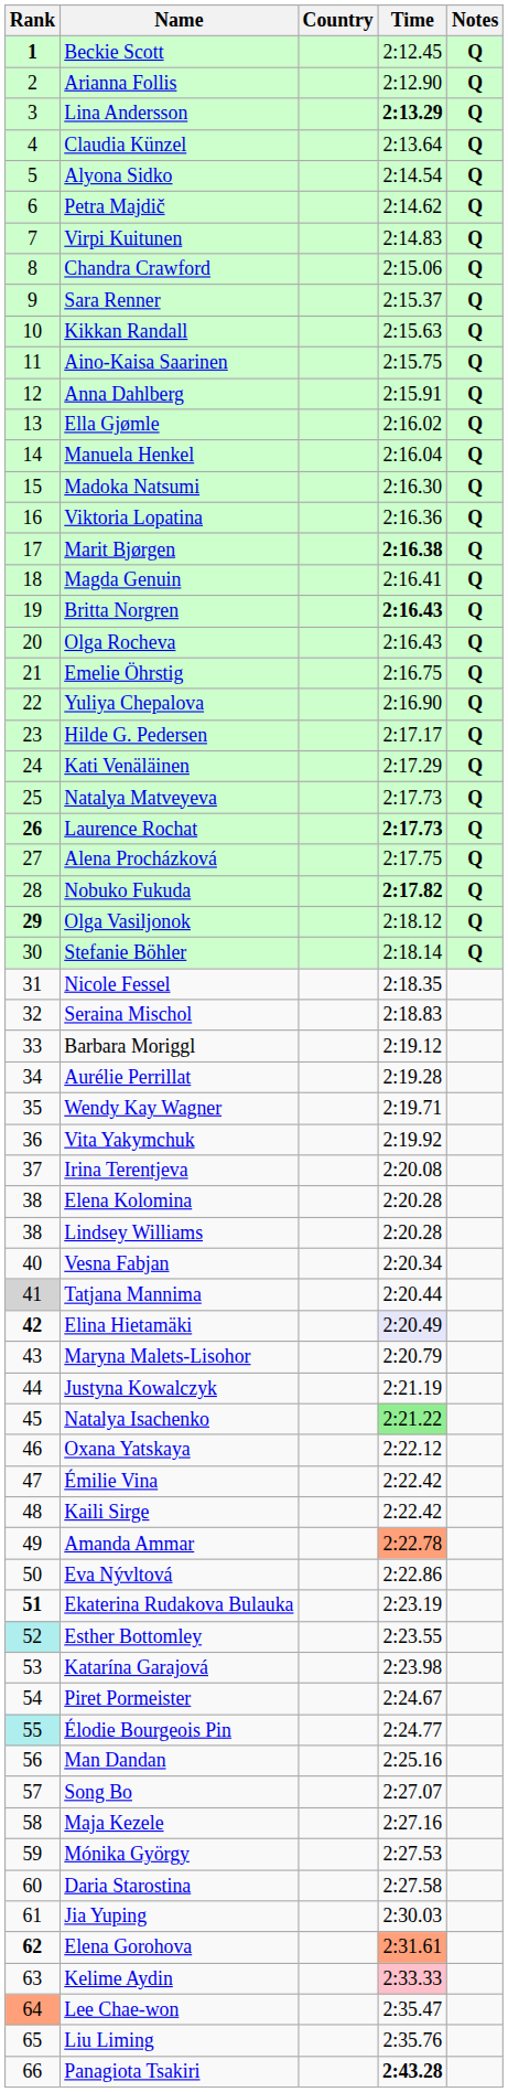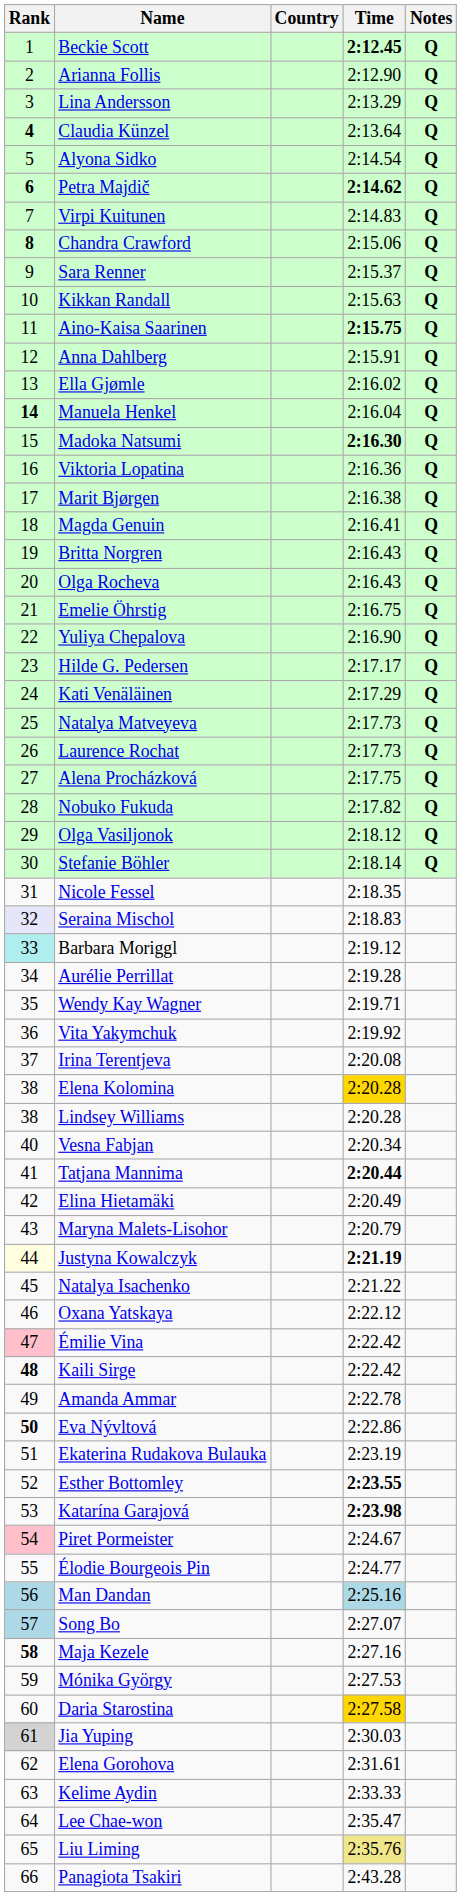 <table class="wikitable sortable" style="text-align:center">
 <tr>
 <th>Rank</th>
 <th>Name</th>
 <th>Country</th>
 <th>Time</th>
 <th>Notes</th>
 </tr>
 <tr bgcolor="#ccffcc">
-<td><strong>1</strong></td>
+<td>1</td>
 <td align="left"><a href='#'>Beckie Scott</a></td>
 <td align="left"></td>
-<td>2:12.45</td>
+<td><strong>2:12.45</strong></td>
 <td><strong>Q</strong></td>
 </tr>
 <tr bgcolor="#ccffcc">
 <td>2</td>
 <td align="left"><a href='#'>Arianna Follis</a></td>
 <td align="left"></td>
 <td>2:12.90</td>
 <td><strong>Q</strong></td>
 </tr>
 <tr bgcolor="#ccffcc">
 <td>3</td>
 <td align="left"><a href='#'>Lina Andersson</a></td>
 <td align="left"></td>
-<td><strong>2:13.29</strong></td>
+<td>2:13.29</td>
 <td><strong>Q</strong></td>
 </tr>
 <tr bgcolor="#ccffcc">
-<td>4</td>
+<td><strong>4</strong></td>
 <td align="left"><a href='#'>Claudia Künzel</a></td>
 <td align="left"></td>
 <td>2:13.64</td>
 <td><strong>Q</strong></td>
 </tr>
 <tr bgcolor="#ccffcc">
 <td>5</td>
 <td align="left"><a href='#'>Alyona Sidko</a></td>
 <td align="left"></td>
 <td>2:14.54</td>
 <td><strong>Q</strong></td>
 </tr>
 <tr bgcolor="#ccffcc">
-<td>6</td>
+<td><strong>6</strong></td>
 <td align="left"><a href='#'>Petra Majdič</a></td>
 <td align="left"></td>
-<td>2:14.62</td>
+<td><strong>2:14.62</strong></td>
 <td><strong>Q</strong></td>
 </tr>
 <tr bgcolor="#ccffcc">
 <td>7</td>
 <td align="left"><a href='#'>Virpi Kuitunen</a></td>
 <td align="left"></td>
 <td>2:14.83</td>
 <td><strong>Q</strong></td>
 </tr>
 <tr bgcolor="#ccffcc">
-<td>8</td>
+<td><strong>8</strong></td>
 <td align="left"><a href='#'>Chandra Crawford</a></td>
 <td align="left"></td>
 <td>2:15.06</td>
 <td><strong>Q</strong></td>
 </tr>
 <tr bgcolor="#ccffcc">
 <td>9</td>
 <td align="left"><a href='#'>Sara Renner</a></td>
 <td align="left"></td>
 <td>2:15.37</td>
 <td><strong>Q</strong></td>
 </tr>
 <tr bgcolor="#ccffcc">
 <td>10</td>
 <td align="left"><a href='#'>Kikkan Randall</a></td>
 <td align="left"></td>
 <td>2:15.63</td>
 <td><strong>Q</strong></td>
 </tr>
 <tr bgcolor="#ccffcc">
 <td>11</td>
 <td align="left"><a href='#'>Aino-Kaisa Saarinen</a></td>
 <td align="left"></td>
-<td>2:15.75</td>
+<td><strong>2:15.75</strong></td>
 <td><strong>Q</strong></td>
 </tr>
 <tr bgcolor="#ccffcc">
 <td>12</td>
 <td align="left"><a href='#'>Anna Dahlberg</a></td>
 <td align="left"></td>
 <td>2:15.91</td>
 <td><strong>Q</strong></td>
 </tr>
 <tr bgcolor="#ccffcc">
 <td>13</td>
 <td align="left"><a href='#'>Ella Gjømle</a></td>
 <td align="left"></td>
 <td>2:16.02</td>
 <td><strong>Q</strong></td>
 </tr>
 <tr bgcolor="#ccffcc">
-<td>14</td>
+<td><strong>14</strong></td>
 <td align="left"><a href='#'>Manuela Henkel</a></td>
 <td align="left"></td>
 <td>2:16.04</td>
 <td><strong>Q</strong></td>
 </tr>
 <tr bgcolor="#ccffcc">
 <td>15</td>
 <td align="left"><a href='#'>Madoka Natsumi</a></td>
 <td align="left"></td>
-<td>2:16.30</td>
+<td><strong>2:16.30</strong></td>
 <td><strong>Q</strong></td>
 </tr>
 <tr bgcolor="#ccffcc">
 <td>16</td>
 <td align="left"><a href='#'>Viktoria Lopatina</a></td>
 <td align="left"></td>
 <td>2:16.36</td>
 <td><strong>Q</strong></td>
 </tr>
 <tr bgcolor="#ccffcc">
 <td>17</td>
 <td align="left"><a href='#'>Marit Bjørgen</a></td>
 <td align="left"></td>
-<td><strong>2:16.38</strong></td>
+<td>2:16.38</td>
 <td><strong>Q</strong></td>
 </tr>
 <tr bgcolor="#ccffcc">
 <td>18</td>
 <td align="left"><a href='#'>Magda Genuin</a></td>
 <td align="left"></td>
 <td>2:16.41</td>
 <td><strong>Q</strong></td>
 </tr>
 <tr bgcolor="#ccffcc">
 <td>19</td>
 <td align="left"><a href='#'>Britta Norgren</a></td>
 <td align="left"></td>
-<td><strong>2:16.43</strong></td>
+<td>2:16.43</td>
 <td><strong>Q</strong></td>
 </tr>
 <tr bgcolor="#ccffcc">
 <td>20</td>
 <td align="left"><a href='#'>Olga Rocheva</a></td>
 <td align="left"></td>
 <td>2:16.43</td>
 <td><strong>Q</strong></td>
 </tr>
 <tr bgcolor="#ccffcc">
 <td>21</td>
 <td align="left"><a href='#'>Emelie Öhrstig</a></td>
 <td align="left"></td>
 <td>2:16.75</td>
 <td><strong>Q</strong></td>
 </tr>
 <tr bgcolor="#ccffcc">
 <td>22</td>
 <td align="left"><a href='#'>Yuliya Chepalova</a></td>
 <td align="left"></td>
 <td>2:16.90</td>
 <td><strong>Q</strong></td>
 </tr>
 <tr bgcolor="#ccffcc">
 <td>23</td>
 <td align="left"><a href='#'>Hilde G. Pedersen</a></td>
 <td align="left"></td>
 <td>2:17.17</td>
 <td><strong>Q</strong></td>
 </tr>
 <tr bgcolor="#ccffcc">
 <td>24</td>
 <td align="left"><a href='#'>Kati Venäläinen</a></td>
 <td align="left"></td>
 <td>2:17.29</td>
 <td><strong>Q</strong></td>
 </tr>
 <tr bgcolor="#ccffcc">
 <td>25</td>
 <td align="left"><a href='#'>Natalya Matveyeva</a></td>
 <td align="left"></td>
 <td>2:17.73</td>
 <td><strong>Q</strong></td>
 </tr>
 <tr bgcolor="#ccffcc">
-<td><strong>26</strong></td>
+<td>26</td>
 <td align="left"><a href='#'>Laurence Rochat</a></td>
 <td align="left"></td>
-<td><strong>2:17.73</strong></td>
+<td>2:17.73</td>
 <td><strong>Q</strong></td>
 </tr>
 <tr bgcolor="#ccffcc">
 <td>27</td>
 <td align="left"><a href='#'>Alena Procházková</a></td>
 <td align="left"></td>
 <td>2:17.75</td>
 <td><strong>Q</strong></td>
 </tr>
 <tr bgcolor="#ccffcc">
 <td>28</td>
 <td align="left"><a href='#'>Nobuko Fukuda</a></td>
 <td align="left"></td>
-<td><strong>2:17.82</strong></td>
+<td>2:17.82</td>
 <td><strong>Q</strong></td>
 </tr>
 <tr bgcolor="#ccffcc">
-<td><strong>29</strong></td>
+<td>29</td>
 <td align="left"><a href='#'>Olga Vasiljonok</a></td>
 <td align="left"></td>
 <td>2:18.12</td>
 <td><strong>Q</strong></td>
 </tr>
 <tr bgcolor="#ccffcc">
 <td>30</td>
 <td align="left"><a href='#'>Stefanie Böhler</a></td>
 <td align="left"></td>
 <td>2:18.14</td>
 <td><strong>Q</strong></td>
 </tr>
 <tr>
 <td>31</td>
 <td align="left"><a href='#'>Nicole Fessel</a></td>
 <td align="left"></td>
 <td>2:18.35</td>
 <td></td>
 </tr>
 <tr>
-<td>32</td>
+<td style="background: lavender;">32</td>
 <td align="left"><a href='#'>Seraina Mischol</a></td>
 <td align="left"></td>
 <td>2:18.83</td>
 <td></td>
 </tr>
 <tr>
-<td>33</td>
+<td style="background: paleturquoise;">33</td>
 <td align="left">Barbara Moriggl</td>
 <td align="left"></td>
 <td>2:19.12</td>
 <td></td>
 </tr>
 <tr>
 <td>34</td>
 <td align="left"><a href='#'>Aurélie Perrillat</a></td>
 <td align="left"></td>
 <td>2:19.28</td>
 <td></td>
 </tr>
 <tr>
 <td>35</td>
 <td align="left"><a href='#'>Wendy Kay Wagner</a></td>
 <td align="left"></td>
 <td>2:19.71</td>
 <td></td>
 </tr>
 <tr>
 <td>36</td>
 <td align="left"><a href='#'>Vita Yakymchuk</a></td>
 <td align="left"></td>
 <td>2:19.92</td>
 <td></td>
 </tr>
 <tr>
 <td>37</td>
 <td align="left"><a href='#'>Irina Terentjeva</a></td>
 <td align="left"></td>
 <td>2:20.08</td>
 <td></td>
 </tr>
 <tr>
 <td>38</td>
 <td align="left"><a href='#'>Elena Kolomina</a></td>
 <td align="left"></td>
-<td>2:20.28</td>
+<td style="background: gold;">2:20.28</td>
 <td></td>
 </tr>
 <tr>
 <td>38</td>
 <td align="left"><a href='#'>Lindsey Williams</a></td>
 <td align="left"></td>
 <td>2:20.28</td>
 <td></td>
 </tr>
 <tr>
 <td>40</td>
 <td align="left"><a href='#'>Vesna Fabjan</a></td>
 <td align="left"></td>
 <td>2:20.34</td>
 <td></td>
 </tr>
 <tr>
-<td style="background: lightgrey;">41</td>
+<td>41</td>
 <td align="left"><a href='#'>Tatjana Mannima</a></td>
 <td align="left"></td>
-<td>2:20.44</td>
+<td><strong>2:20.44</strong></td>
 <td></td>
 </tr>
 <tr>
-<td><strong>42</strong></td>
+<td>42</td>
 <td align="left"><a href='#'>Elina Hietamäki</a></td>
 <td align="left"></td>
-<td style="background: lavender;">2:20.49</td>
+<td>2:20.49</td>
 <td></td>
 </tr>
 <tr>
 <td>43</td>
 <td align="left"><a href='#'>Maryna Malets-Lisohor</a></td>
 <td align="left"></td>
 <td>2:20.79</td>
 <td></td>
 </tr>
 <tr>
-<td>44</td>
+<td style="background: lightyellow;">44</td>
 <td align="left"><a href='#'>Justyna Kowalczyk</a></td>
 <td align="left"></td>
-<td>2:21.19</td>
+<td><strong>2:21.19</strong></td>
 <td></td>
 </tr>
 <tr>
 <td>45</td>
 <td align="left"><a href='#'>Natalya Isachenko</a></td>
 <td align="left"></td>
-<td style="background: lightgreen;">2:21.22</td>
+<td>2:21.22</td>
 <td></td>
 </tr>
 <tr>
 <td>46</td>
 <td align="left"><a href='#'>Oxana Yatskaya</a></td>
 <td align="left"></td>
 <td>2:22.12</td>
 <td></td>
 </tr>
 <tr>
-<td>47</td>
+<td style="background: pink;">47</td>
 <td align="left"><a href='#'>Émilie Vina</a></td>
 <td align="left"></td>
 <td>2:22.42</td>
 <td></td>
 </tr>
 <tr>
-<td>48</td>
+<td><strong>48</strong></td>
 <td align="left"><a href='#'>Kaili Sirge</a></td>
 <td align="left"></td>
 <td>2:22.42</td>
 <td></td>
 </tr>
 <tr>
 <td>49</td>
 <td align="left"><a href='#'>Amanda Ammar</a></td>
 <td align="left"></td>
-<td style="background: lightsalmon;">2:22.78</td>
+<td>2:22.78</td>
 <td></td>
 </tr>
 <tr>
-<td>50</td>
+<td><strong>50</strong></td>
 <td align="left"><a href='#'>Eva Nývltová</a></td>
 <td align="left"></td>
 <td>2:22.86</td>
 <td></td>
 </tr>
 <tr>
-<td><strong>51</strong></td>
+<td>51</td>
 <td align="left"><a href='#'>Ekaterina Rudakova Bulauka</a></td>
 <td align="left"></td>
 <td>2:23.19</td>
 <td></td>
 </tr>
 <tr>
-<td style="background: paleturquoise;">52</td>
+<td>52</td>
 <td align="left"><a href='#'>Esther Bottomley</a></td>
 <td align="left"></td>
-<td>2:23.55</td>
+<td><strong>2:23.55</strong></td>
 <td></td>
 </tr>
 <tr>
 <td>53</td>
 <td align="left"><a href='#'>Katarína Garajová</a></td>
 <td align="left"></td>
-<td>2:23.98</td>
+<td><strong>2:23.98</strong></td>
 <td></td>
 </tr>
 <tr>
-<td>54</td>
+<td style="background: pink;">54</td>
 <td align="left"><a href='#'>Piret Pormeister</a></td>
 <td align="left"></td>
 <td>2:24.67</td>
 <td></td>
 </tr>
 <tr>
-<td style="background: paleturquoise;">55</td>
+<td>55</td>
 <td align="left"><a href='#'>Élodie Bourgeois Pin</a></td>
 <td align="left"></td>
 <td>2:24.77</td>
 <td></td>
 </tr>
 <tr>
-<td>56</td>
+<td style="background: lightblue;">56</td>
 <td align="left"><a href='#'>Man Dandan</a></td>
 <td align="left"></td>
-<td>2:25.16</td>
+<td style="background: lightblue;">2:25.16</td>
 <td></td>
 </tr>
 <tr>
-<td>57</td>
+<td style="background: lightblue;">57</td>
 <td align="left"><a href='#'>Song Bo</a></td>
 <td align="left"></td>
 <td>2:27.07</td>
 <td></td>
 </tr>
 <tr>
-<td>58</td>
+<td><strong>58</strong></td>
 <td align="left"><a href='#'>Maja Kezele</a></td>
 <td align="left"></td>
 <td>2:27.16</td>
 <td></td>
 </tr>
 <tr>
 <td>59</td>
 <td align="left"><a href='#'>Mónika György</a></td>
 <td align="left"></td>
 <td>2:27.53</td>
 <td></td>
 </tr>
 <tr>
 <td>60</td>
 <td align="left"><a href='#'>Daria Starostina</a></td>
 <td align="left"></td>
-<td>2:27.58</td>
+<td style="background: gold;">2:27.58</td>
 <td></td>
 </tr>
 <tr>
-<td>61</td>
+<td style="background: lightgrey;">61</td>
 <td align="left"><a href='#'>Jia Yuping</a></td>
 <td align="left"></td>
 <td>2:30.03</td>
 <td></td>
 </tr>
 <tr>
-<td><strong>62</strong></td>
+<td>62</td>
 <td align="left"><a href='#'>Elena Gorohova</a></td>
 <td align="left"></td>
-<td style="background: lightsalmon;">2:31.61</td>
+<td>2:31.61</td>
 <td></td>
 </tr>
 <tr>
 <td>63</td>
 <td align="left"><a href='#'>Kelime Aydin</a></td>
 <td align="left"></td>
-<td style="background: pink;">2:33.33</td>
+<td>2:33.33</td>
 <td></td>
 </tr>
 <tr>
-<td style="background: lightsalmon;">64</td>
+<td>64</td>
 <td align="left"><a href='#'>Lee Chae-won</a></td>
 <td align="left"></td>
 <td>2:35.47</td>
 <td></td>
 </tr>
 <tr>
 <td>65</td>
 <td align="left"><a href='#'>Liu Liming</a></td>
 <td align="left"></td>
-<td>2:35.76</td>
+<td style="background: khaki;">2:35.76</td>
 <td></td>
 </tr>
 <tr>
 <td>66</td>
 <td align="left"><a href='#'>Panagiota Tsakiri</a></td>
 <td align="left"></td>
-<td><strong>2:43.28</strong></td>
+<td>2:43.28</td>
 <td></td>
 </tr>
 </table>
